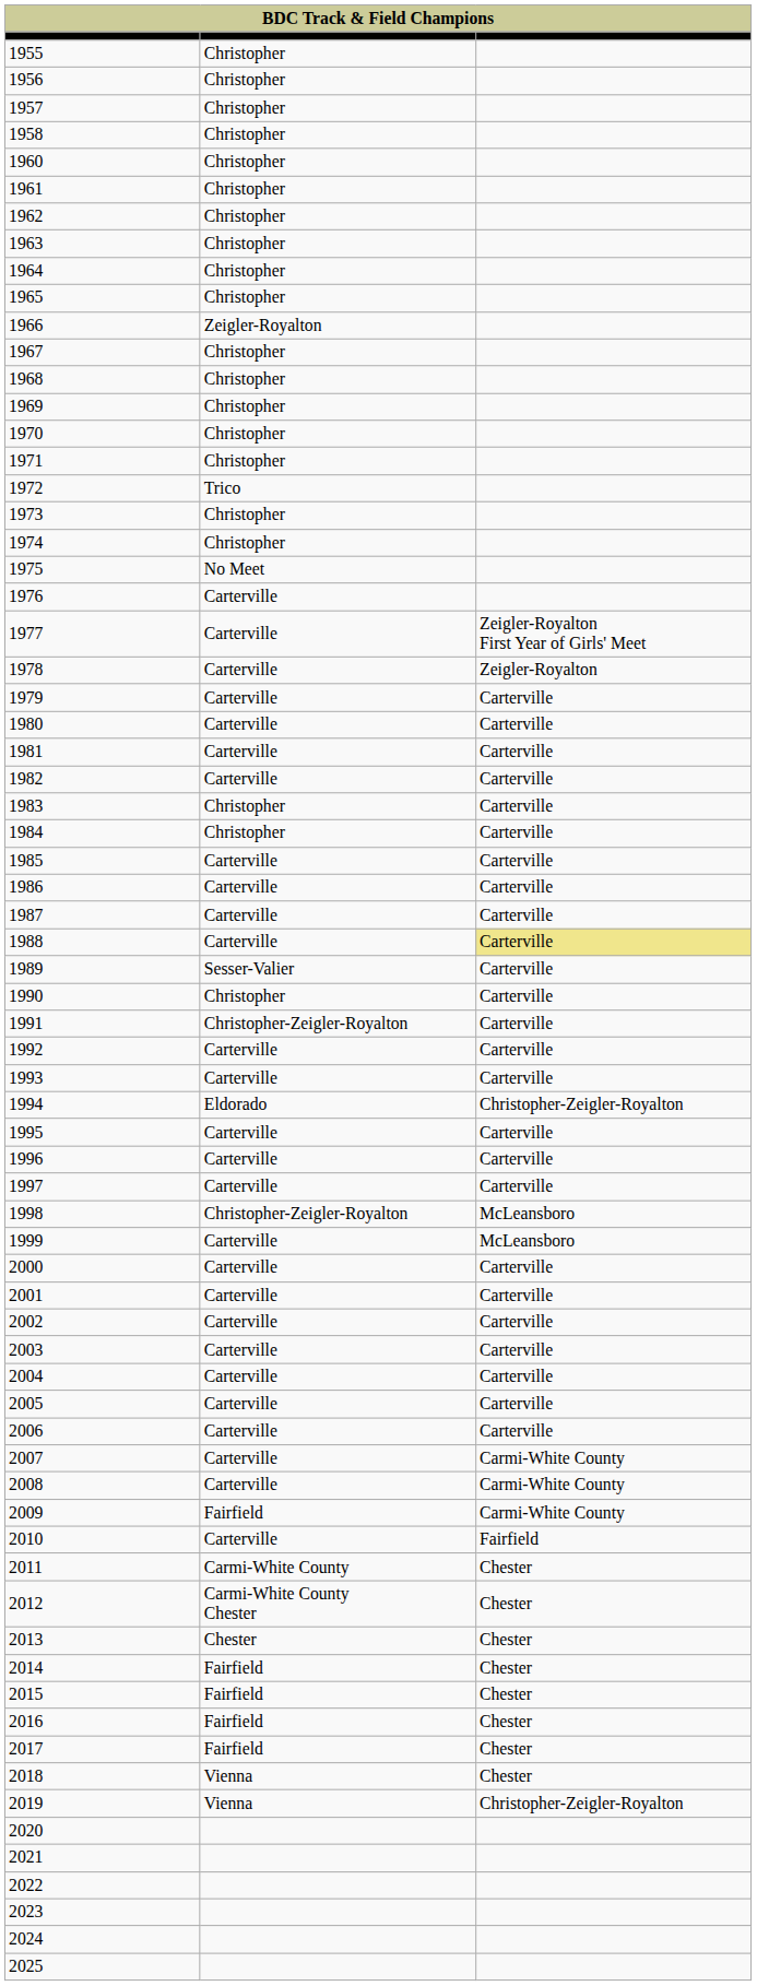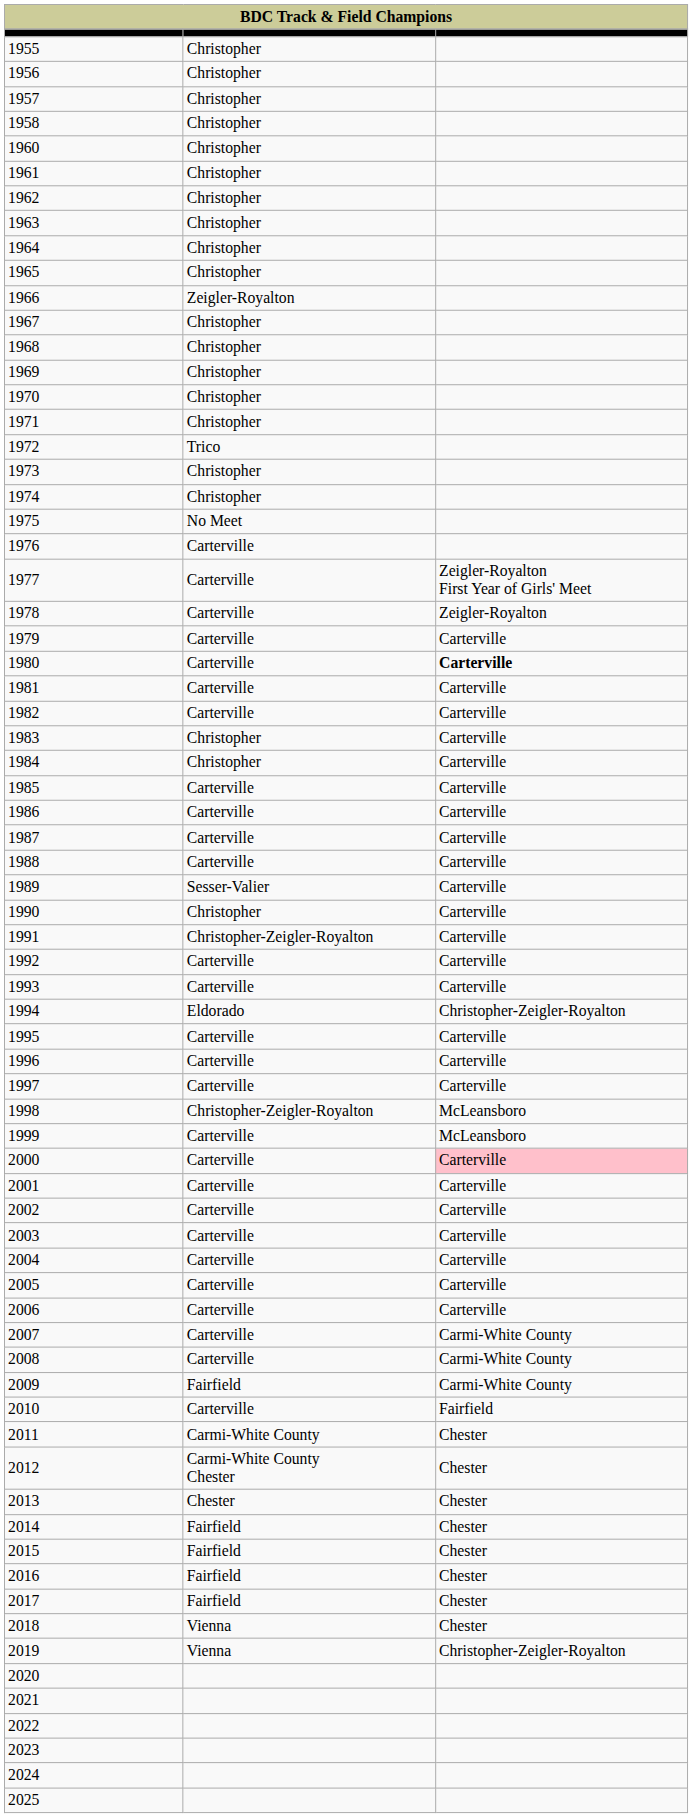 <table class="wikitable" border="1">
 <tr style="background: #cccc99; color: black">
 <td colspan="3" style="text-align:center;"><strong>BDC Track & Field Champions</strong></td>
 </tr>
 <tr>
 </tr>
 <tr style="background: black; color: #cccc99">
 <td width="175"></td>
 <td width="250"></td>
 <td width="250"></td>
 </tr>
 <tr>
 <td>1955</td>
 <td>Christopher</td>
 <td></td>
 </tr>
 <tr>
 <td>1956</td>
 <td>Christopher</td>
 <td></td>
 </tr>
 <tr>
 <td>1957</td>
 <td>Christopher</td>
 <td></td>
 </tr>
 <tr>
 <td>1958</td>
 <td>Christopher</td>
 <td></td>
 </tr>
 <tr>
 <td>1960</td>
 <td>Christopher</td>
 <td></td>
 </tr>
 <tr>
 <td>1961</td>
 <td>Christopher</td>
 <td></td>
 </tr>
 <tr>
 <td>1962</td>
 <td>Christopher</td>
 <td></td>
 </tr>
 <tr>
 <td>1963</td>
 <td>Christopher</td>
 <td></td>
 </tr>
 <tr>
 <td>1964</td>
 <td>Christopher</td>
 <td></td>
 </tr>
 <tr>
 <td>1965</td>
 <td>Christopher</td>
 <td></td>
 </tr>
 <tr>
 <td>1966</td>
 <td>Zeigler-Royalton</td>
 <td></td>
 </tr>
 <tr>
 <td>1967</td>
 <td>Christopher</td>
 <td></td>
 </tr>
 <tr>
 <td>1968</td>
 <td>Christopher</td>
 <td></td>
 </tr>
 <tr>
 <td>1969</td>
 <td>Christopher</td>
 <td></td>
 </tr>
 <tr>
 <td>1970</td>
 <td>Christopher</td>
 <td></td>
 </tr>
 <tr>
 <td>1971</td>
 <td>Christopher</td>
 <td></td>
 </tr>
 <tr>
 <td>1972</td>
 <td>Trico</td>
 <td></td>
 </tr>
 <tr>
 <td>1973</td>
 <td>Christopher</td>
 <td></td>
 </tr>
 <tr>
 <td>1974</td>
 <td>Christopher</td>
 <td></td>
 </tr>
 <tr>
 <td>1975</td>
 <td>No Meet</td>
 <td></td>
 </tr>
 <tr>
 <td>1976</td>
 <td>Carterville</td>
 <td></td>
 </tr>
 <tr>
 <td>1977</td>
 <td>Carterville</td>
 <td>Zeigler-Royalton<br> First Year of Girls' Meet</td>
 </tr>
 <tr>
 <td>1978</td>
 <td>Carterville</td>
 <td>Zeigler-Royalton</td>
 </tr>
 <tr>
 <td>1979</td>
 <td>Carterville</td>
 <td>Carterville</td>
 </tr>
 <tr>
 <td>1980</td>
 <td>Carterville</td>
-<td>Carterville</td>
+<td><strong>Carterville</strong></td>
 </tr>
 <tr>
 <td>1981</td>
 <td>Carterville</td>
 <td>Carterville</td>
 </tr>
 <tr>
 <td>1982</td>
 <td>Carterville</td>
 <td>Carterville</td>
 </tr>
 <tr>
 <td>1983</td>
 <td>Christopher</td>
 <td>Carterville</td>
 </tr>
 <tr>
 <td>1984</td>
 <td>Christopher</td>
 <td>Carterville</td>
 </tr>
 <tr>
 <td>1985</td>
 <td>Carterville</td>
 <td>Carterville</td>
 </tr>
 <tr>
 <td>1986</td>
 <td>Carterville</td>
 <td>Carterville</td>
 </tr>
 <tr>
 <td>1987</td>
 <td>Carterville</td>
 <td>Carterville</td>
 </tr>
 <tr>
 <td>1988</td>
 <td>Carterville</td>
-<td style="background: khaki;">Carterville</td>
+<td>Carterville</td>
 </tr>
 <tr>
 <td>1989</td>
 <td>Sesser-Valier</td>
 <td>Carterville</td>
 </tr>
 <tr>
 <td>1990</td>
 <td>Christopher</td>
 <td>Carterville</td>
 </tr>
 <tr>
 <td>1991</td>
 <td>Christopher-Zeigler-Royalton</td>
 <td>Carterville</td>
 </tr>
 <tr>
 <td>1992</td>
 <td>Carterville</td>
 <td>Carterville</td>
 </tr>
 <tr>
 <td>1993</td>
 <td>Carterville</td>
 <td>Carterville</td>
 </tr>
 <tr>
 <td>1994</td>
 <td>Eldorado</td>
 <td>Christopher-Zeigler-Royalton</td>
 </tr>
 <tr>
 <td>1995</td>
 <td>Carterville</td>
 <td>Carterville</td>
 </tr>
 <tr>
 <td>1996</td>
 <td>Carterville</td>
 <td>Carterville</td>
 </tr>
 <tr>
 <td>1997</td>
 <td>Carterville</td>
 <td>Carterville</td>
 </tr>
 <tr>
 <td>1998</td>
 <td>Christopher-Zeigler-Royalton</td>
 <td>McLeansboro</td>
 </tr>
 <tr>
 <td>1999</td>
 <td>Carterville</td>
 <td>McLeansboro</td>
 </tr>
 <tr>
 <td>2000</td>
 <td>Carterville</td>
-<td>Carterville</td>
+<td style="background: pink;">Carterville</td>
 </tr>
 <tr>
 <td>2001</td>
 <td>Carterville</td>
 <td>Carterville</td>
 </tr>
 <tr>
 <td>2002</td>
 <td>Carterville</td>
 <td>Carterville</td>
 </tr>
 <tr>
 <td>2003</td>
 <td>Carterville</td>
 <td>Carterville</td>
 </tr>
 <tr>
 <td>2004</td>
 <td>Carterville</td>
 <td>Carterville</td>
 </tr>
 <tr>
 <td>2005</td>
 <td>Carterville</td>
 <td>Carterville</td>
 </tr>
 <tr>
 <td>2006</td>
 <td>Carterville</td>
 <td>Carterville</td>
 </tr>
 <tr>
 <td>2007</td>
 <td>Carterville</td>
 <td>Carmi-White County</td>
 </tr>
 <tr>
 <td>2008</td>
 <td>Carterville</td>
 <td>Carmi-White County</td>
 </tr>
 <tr>
 <td>2009</td>
 <td>Fairfield</td>
 <td>Carmi-White County</td>
 </tr>
 <tr>
 <td>2010</td>
 <td>Carterville</td>
 <td>Fairfield</td>
 </tr>
 <tr>
 <td>2011</td>
 <td>Carmi-White County</td>
 <td>Chester</td>
 </tr>
 <tr>
 <td>2012</td>
 <td>Carmi-White County<br> Chester</td>
 <td>Chester</td>
 </tr>
 <tr>
 <td>2013</td>
 <td>Chester</td>
 <td>Chester</td>
 </tr>
 <tr>
 <td>2014</td>
 <td>Fairfield</td>
 <td>Chester</td>
 </tr>
 <tr>
 <td>2015</td>
 <td>Fairfield</td>
 <td>Chester</td>
 </tr>
 <tr>
 <td>2016</td>
 <td>Fairfield</td>
 <td>Chester</td>
 </tr>
 <tr>
 <td>2017</td>
 <td>Fairfield</td>
 <td>Chester</td>
 </tr>
 <tr>
 <td>2018</td>
 <td>Vienna</td>
 <td>Chester</td>
 </tr>
 <tr>
 <td>2019</td>
 <td>Vienna</td>
 <td>Christopher-Zeigler-Royalton</td>
 </tr>
 <tr>
 <td>2020</td>
 <td></td>
 <td></td>
 </tr>
 <tr>
 <td>2021</td>
 <td></td>
 <td></td>
 </tr>
 <tr>
 <td>2022</td>
 <td></td>
 <td></td>
 </tr>
 <tr>
 <td>2023</td>
 <td></td>
 <td></td>
 </tr>
 <tr>
 <td>2024</td>
 <td></td>
 <td></td>
 </tr>
 <tr>
 <td>2025</td>
 <td></td>
 <td></td>
 </tr>
 </table>
